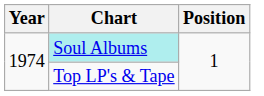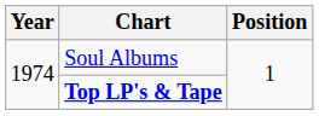 <table class="wikitable">
 <tr>
 <th>Year</th>
 <th>Chart</th>
 <th>Position</th>
 </tr>
 <tr>
 <td rowspan=2>1974</td>
-<td style="background: paleturquoise;"><a href='#'>Soul Albums</a></td>
+<td><a href='#'>Soul Albums</a></td>
 <td style="text-align:center;" rowspan=2>1</td>
 </tr>
 <tr>
-<td><a href='#'>Top LP's & Tape</a></td>
+<td><strong><a href='#'>Top LP's & Tape</a></strong></td>
 </tr>
 </table>
